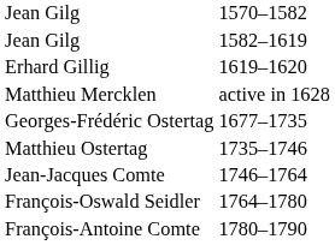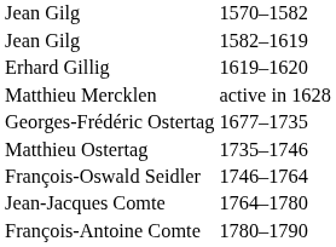 <table>
 <tr>
 <td>Jean Gilg</td>
 <td>1570–1582</td>
 </tr>
 <tr>
 <td>Jean Gilg</td>
 <td>1582–1619</td>
 </tr>
 <tr>
 <td>Erhard Gillig</td>
 <td>1619–1620</td>
 </tr>
 <tr>
 <td>Matthieu Mercklen</td>
 <td>active in 1628</td>
 </tr>
 <tr>
 <td>Georges-Frédéric Ostertag</td>
 <td>1677–1735</td>
 </tr>
 <tr>
 <td>Matthieu Ostertag</td>
 <td>1735–1746</td>
 </tr>
 <tr>
-<td>Jean-Jacques Comte</td>
+<td>François-Oswald Seidler</td>
 <td>1746–1764</td>
 </tr>
 <tr>
-<td>François-Oswald Seidler</td>
+<td>Jean-Jacques Comte</td>
 <td>1764–1780</td>
 </tr>
 <tr>
 <td>François-Antoine Comte</td>
 <td>1780–1790</td>
 </tr>
 </table>
